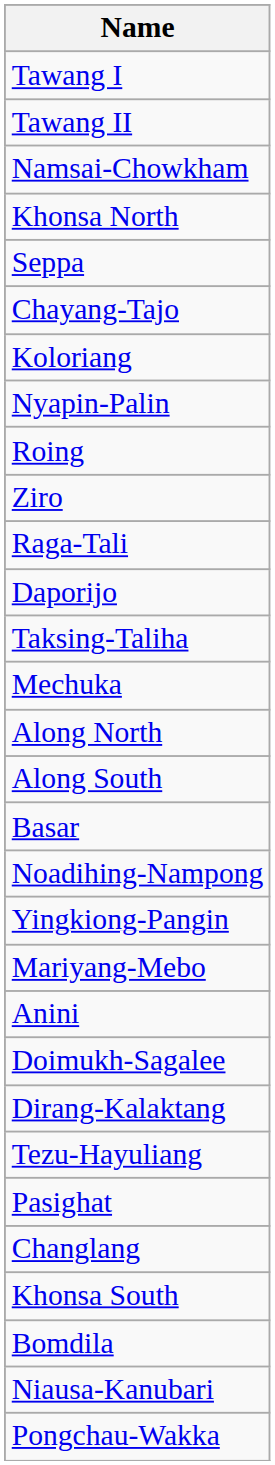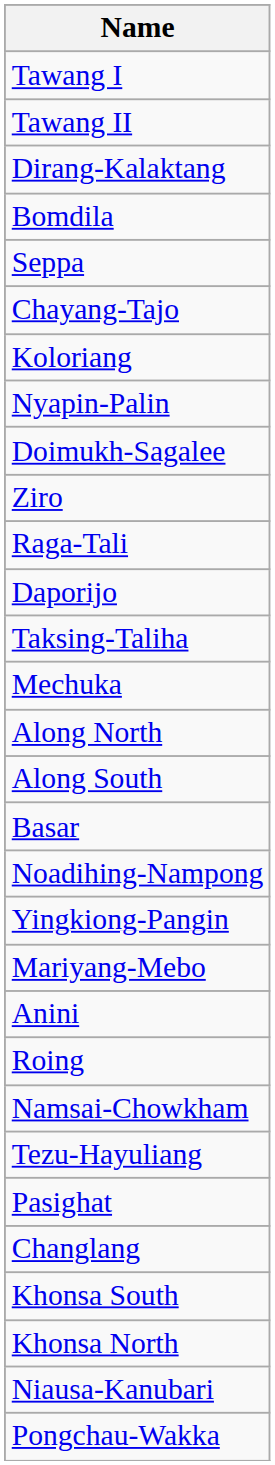 <table class="wikitable sortable">
 <tr>
 <th>Name</th>
 </tr>
 <tr>
 <td><a href='#'>Tawang I</a></td>
 </tr>
 <tr>
 <td><a href='#'>Tawang II</a></td>
 </tr>
 <tr>
-<td><a href='#'>Namsai-Chowkham</a></td>
+<td><a href='#'>Dirang-Kalaktang</a></td>
 </tr>
 <tr>
-<td><a href='#'>Khonsa North</a></td>
+<td><a href='#'>Bomdila</a></td>
 </tr>
 <tr>
 <td><a href='#'>Seppa</a></td>
 </tr>
 <tr>
 <td><a href='#'>Chayang-Tajo</a></td>
 </tr>
 <tr>
 <td><a href='#'>Koloriang</a></td>
 </tr>
 <tr>
 <td><a href='#'>Nyapin-Palin</a></td>
 </tr>
 <tr>
-<td><a href='#'>Roing</a></td>
+<td><a href='#'>Doimukh-Sagalee</a></td>
 </tr>
 <tr>
 <td><a href='#'>Ziro</a></td>
 </tr>
 <tr>
 <td><a href='#'>Raga-Tali</a></td>
 </tr>
 <tr>
 <td><a href='#'>Daporijo</a></td>
 </tr>
 <tr>
 <td><a href='#'>Taksing-Taliha</a></td>
 </tr>
 <tr>
 <td><a href='#'>Mechuka</a></td>
 </tr>
 <tr>
 <td><a href='#'>Along North</a></td>
 </tr>
 <tr>
 <td><a href='#'>Along South</a></td>
 </tr>
 <tr>
 <td><a href='#'>Basar</a></td>
 </tr>
 <tr>
 <td><a href='#'>Noadihing-Nampong</a></td>
 </tr>
 <tr>
 <td><a href='#'>Yingkiong-Pangin</a></td>
 </tr>
 <tr>
 <td><a href='#'>Mariyang-Mebo</a></td>
 </tr>
 <tr>
 <td><a href='#'>Anini</a></td>
 </tr>
 <tr>
-<td><a href='#'>Doimukh-Sagalee</a></td>
+<td><a href='#'>Roing</a></td>
 </tr>
 <tr>
-<td><a href='#'>Dirang-Kalaktang</a></td>
+<td><a href='#'>Namsai-Chowkham</a></td>
 </tr>
 <tr>
 <td><a href='#'>Tezu-Hayuliang</a></td>
 </tr>
 <tr>
 <td><a href='#'>Pasighat</a></td>
 </tr>
 <tr>
 <td><a href='#'>Changlang</a></td>
 </tr>
 <tr>
 <td><a href='#'>Khonsa South</a></td>
 </tr>
 <tr>
-<td><a href='#'>Bomdila</a></td>
+<td><a href='#'>Khonsa North</a></td>
 </tr>
 <tr>
 <td><a href='#'>Niausa-Kanubari</a></td>
 </tr>
 <tr>
 <td><a href='#'>Pongchau-Wakka</a></td>
 </tr>
 <tr>
 </tr>
 </table>
